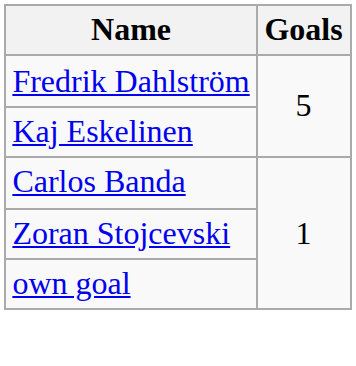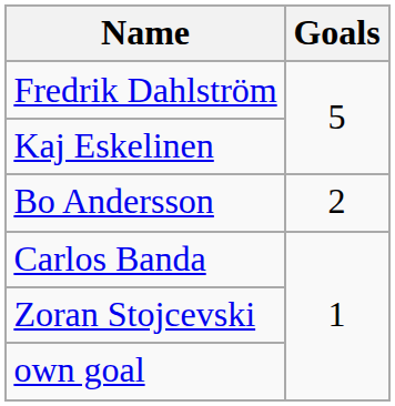 <table class="wikitable">
 <tr>
 <th>Name</th>
 <th>Goals</th>
 </tr>
 <tr>
 <td> <a href='#'>Fredrik Dahlström</a></td>
 <td rowspan="2" style="text-align:center;">5</td>
 </tr>
 <tr>
 <td> <a href='#'>Kaj Eskelinen</a></td>
 </tr>
 <tr>
+<td> <a href='#'>Bo Andersson</a></td>
+<td align=center>2</td>
+</tr>
+<tr>
 <td> <a href='#'>Carlos Banda</a></td>
 <td rowspan="3" style="text-align:center;">1</td>
 </tr>
 <tr>
 <td> <a href='#'>Zoran Stojcevski</a></td>
 </tr>
 <tr>
 <td><a href='#'>own goal</a></td>
 </tr>
 </table>
